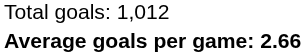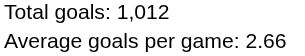 <table>
 <tr>
 <td>Total goals: 1,012</td>
 </tr>
 <tr>
-<td><strong>Average goals per game: 2.66</strong></td>
+<td>Average goals per game: 2.66</td>
 </tr>
 </table>
